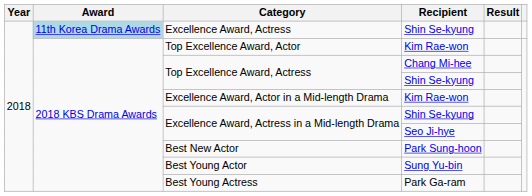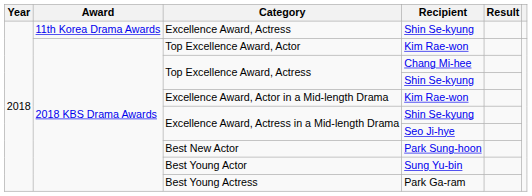 <table class="wikitable">
 <tr>
 <th>Year</th>
 <th>Award</th>
 <th>Category</th>
 <th>Recipient</th>
 <th>Result</th>
 <th></th>
 </tr>
 <tr>
 <td rowspan=10>2018</td>
-<td style="background: lightblue;"><a href='#'>11th Korea Drama Awards</a></td>
+<td><a href='#'>11th Korea Drama Awards</a></td>
 <td>Excellence Award, Actress</td>
 <td><a href='#'>Shin Se-kyung</a></td>
 <td></td>
 <td></td>
 </tr>
 <tr>
 <td rowspan=9><a href='#'>2018 KBS Drama Awards</a></td>
 <td>Top Excellence Award, Actor</td>
 <td><a href='#'>Kim Rae-won</a></td>
 <td></td>
 <td rowspan="9"></td>
 </tr>
 <tr>
 <td rowspan=2>Top Excellence Award, Actress</td>
 <td><a href='#'>Chang Mi-hee</a></td>
 <td></td>
 </tr>
 <tr>
 <td><a href='#'>Shin Se-kyung</a></td>
 <td></td>
 </tr>
 <tr>
 <td>Excellence Award, Actor in a Mid-length Drama</td>
 <td><a href='#'>Kim Rae-won</a></td>
 <td></td>
 </tr>
 <tr>
 <td rowspan=2>Excellence Award, Actress in a Mid-length Drama</td>
 <td><a href='#'>Shin Se-kyung</a></td>
 <td></td>
 </tr>
 <tr>
 <td><a href='#'>Seo Ji-hye</a></td>
 <td></td>
 </tr>
 <tr>
 <td>Best New Actor</td>
 <td><a href='#'>Park Sung-hoon</a></td>
 <td></td>
 </tr>
 <tr>
 <td>Best Young Actor</td>
 <td><a href='#'>Sung Yu-bin</a></td>
 <td></td>
 </tr>
 <tr>
 <td>Best Young Actress</td>
 <td>Park Ga-ram</td>
 <td></td>
 </tr>
 </table>
